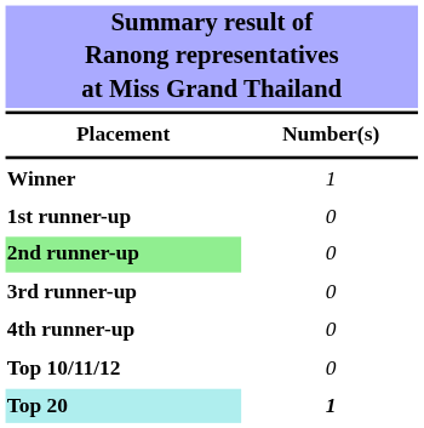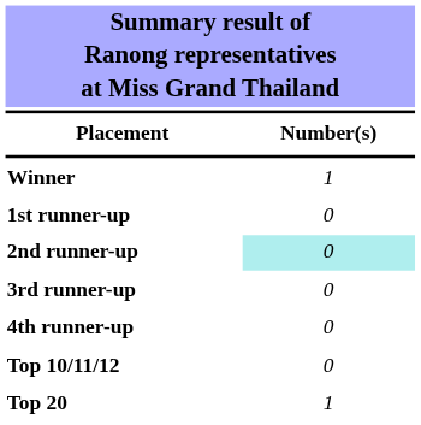 <table style="width: 270px; font-size:85%; line-height:1.5em;">
 <tr>
 <th colspan="2" align="center" style="background:#AAF;"><big>Summary result of<br>Ranong representatives<br>at Miss Grand Thailand</big></th>
 </tr>
 <tr>
 <td colspan="2" style="background:black"></td>
 </tr>
 <tr>
 <th scope="col">Placement</th>
 <th scope="col">Number(s)</th>
 </tr>
 <tr>
 <td colspan="2" style="background:black"></td>
 </tr>
 <tr>
 <td align="left"><strong>Winner</strong></td>
 <td align="center"><em>1</em></td>
 </tr>
 <tr>
 <td align="left"><strong>1st runner-up</strong></td>
 <td align="center"><em>0</em></td>
 </tr>
 <tr>
-<td align="left" style="background: lightgreen;"><strong>2nd runner-up</strong></td>
-<td align="center"><em>0</em></td>
+<td align="left"><strong>2nd runner-up</strong></td>
+<td align="center" style="background: paleturquoise;"><em>0</em></td>
 </tr>
 <tr>
 <td align="left"><strong>3rd runner-up</strong></td>
 <td align="center"><em>0</em></td>
 </tr>
 <tr>
 <td align="left"><strong>4th runner-up</strong></td>
 <td align="center"><em>0</em></td>
 </tr>
 <tr>
 <td align="left"><strong>Top 10/11/12</strong></td>
 <td align="center"><em>0</em></td>
 </tr>
 <tr>
-<td align="left" style="background: paleturquoise;"><strong>Top 20</strong></td>
-<td align="center"><strong><em>1</em></strong></td>
+<td align="left"><strong>Top 20</strong></td>
+<td align="center"><em>1</em></td>
 </tr>
 </table>
